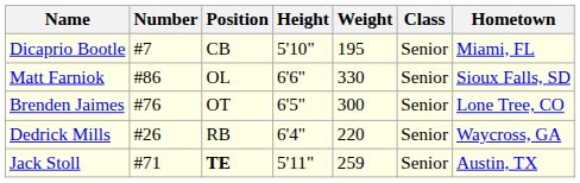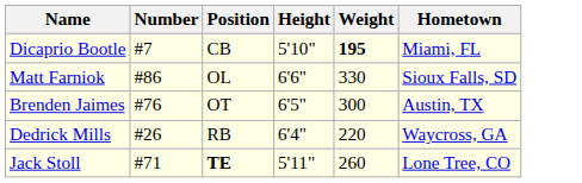 <table class="wikitable sortable">
 <tr>
 <th>Name</th>
 <th>Number</th>
 <th>Position</th>
 <th>Height</th>
 <th>Weight</th>
-<th>Class</th>
 <th>Hometown</th>
 </tr>
 <tr style="background:#FFFFE6;">
 <td><a href='#'>Dicaprio Bootle</a></td>
 <td>#7</td>
 <td>CB</td>
 <td>5'10"</td>
-<td>195</td>
-<td>Senior</td>
+<td><strong>195</strong></td>
 <td><a href='#'>Miami, FL</a></td>
 </tr>
 <tr style="background:#FFFFE6;">
 <td><a href='#'>Matt Farniok</a></td>
 <td>#86</td>
 <td>OL</td>
 <td>6'6"</td>
 <td>330</td>
-<td>Senior</td>
 <td><a href='#'>Sioux Falls, SD</a></td>
 </tr>
 <tr style="background:#FFFFE6;">
 <td><a href='#'>Brenden Jaimes</a></td>
 <td>#76</td>
 <td>OT</td>
 <td>6'5"</td>
 <td>300</td>
-<td>Senior</td>
-<td><a href='#'>Lone Tree, CO</a></td>
+<td><a href='#'>Austin, TX</a></td>
 </tr>
 <tr style="background:#FFFFE6;">
 <td><a href='#'>Dedrick Mills</a></td>
 <td>#26</td>
 <td>RB</td>
 <td>6'4"</td>
 <td>220</td>
-<td>Senior</td>
 <td><a href='#'>Waycross, GA</a></td>
 </tr>
 <tr style="background:#FFFFE6;">
 <td><a href='#'>Jack Stoll</a></td>
 <td>#71</td>
 <td><strong>TE</strong></td>
 <td>5'11"</td>
-<td>259</td>
-<td>Senior</td>
-<td><a href='#'>Austin, TX</a></td>
+<td>260</td>
+<td><a href='#'>Lone Tree, CO</a></td>
 </tr>
 </table>
